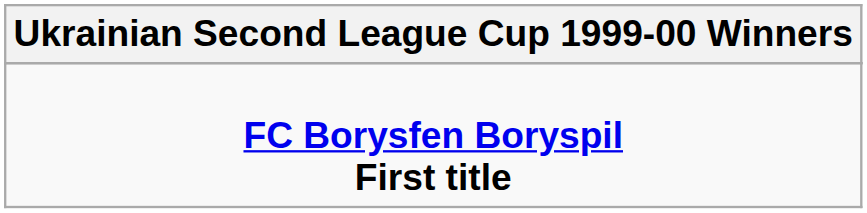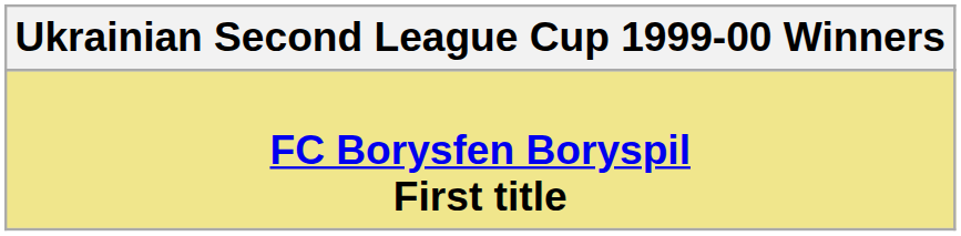 <table class="wikitable" style="text-align: center; margin: 0 auto;">
 <tr>
 <th>Ukrainian Second League Cup 1999-00 Winners</th>
 </tr>
 <tr>
 </tr>
 <tr>
-<td><br><strong><a href='#'>FC Borysfen Boryspil</a></strong><br><strong>First title</strong></td>
+<td style="background: khaki;"><br><strong><a href='#'>FC Borysfen Boryspil</a></strong><br><strong>First title</strong></td>
 </tr>
 </table>
